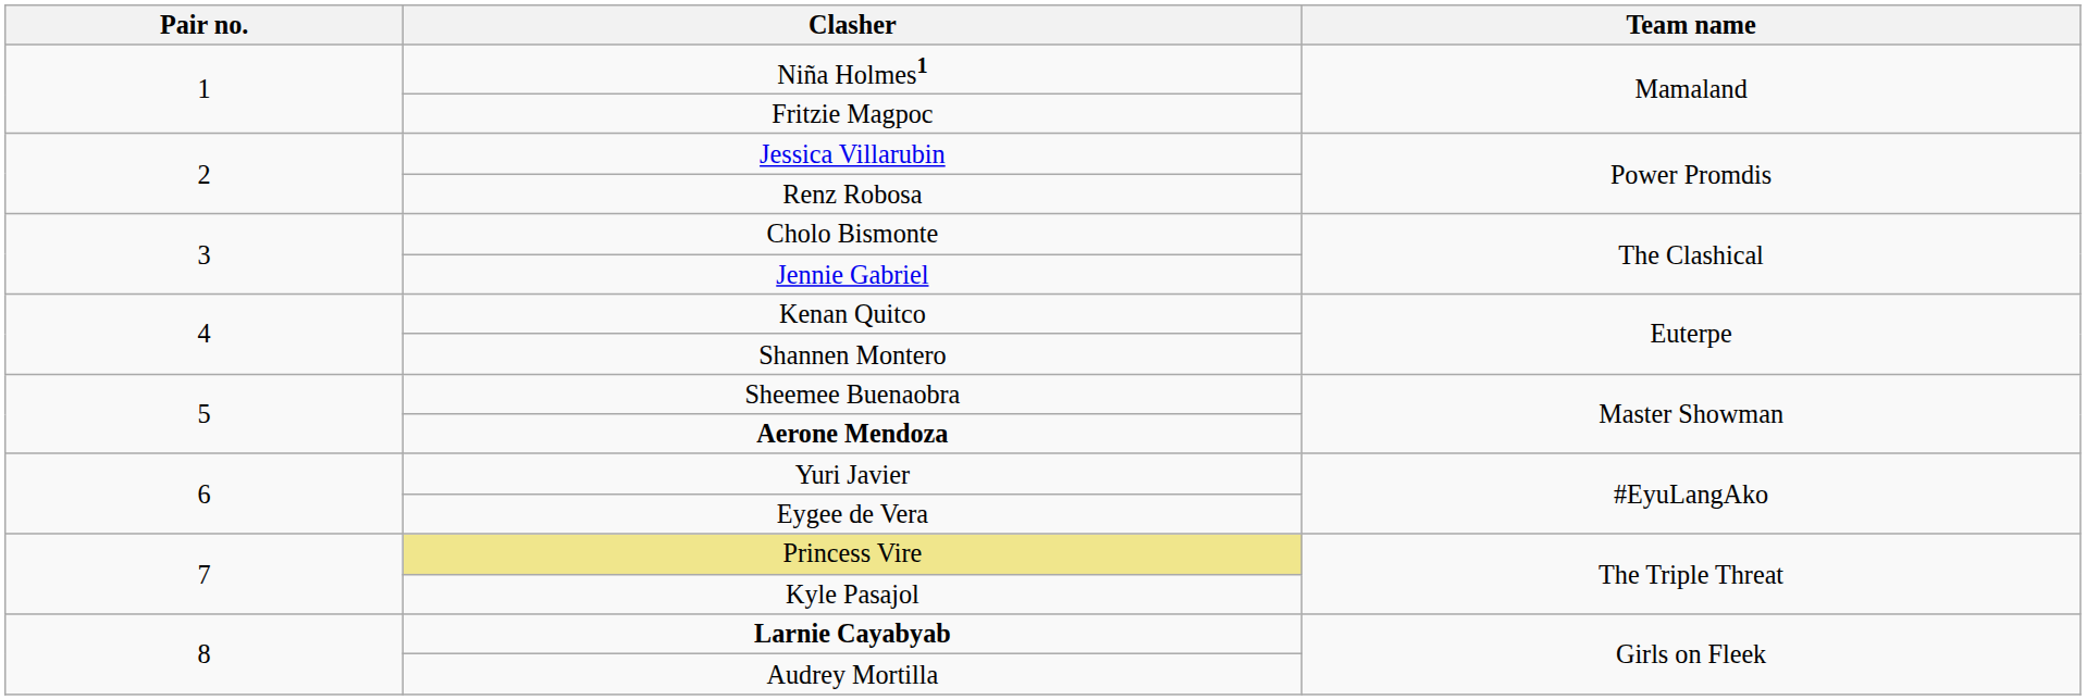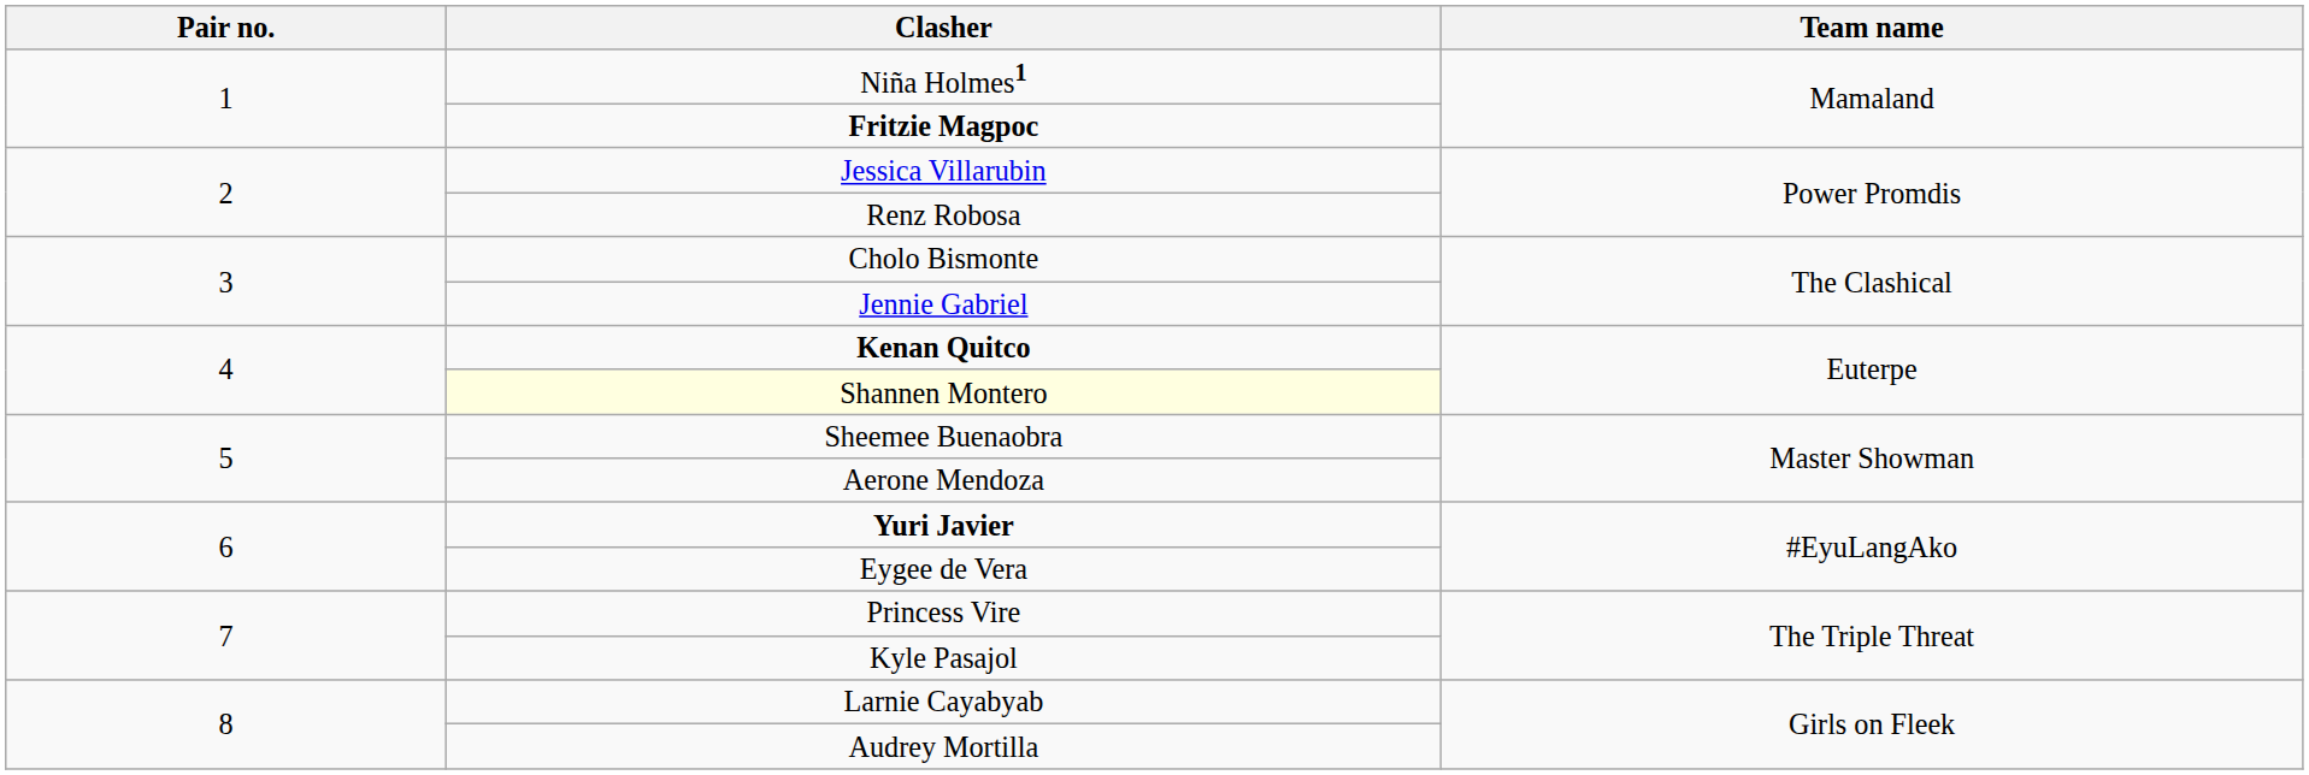 <table class="wikitable collapsible collapsed" style="text-align:center; line-height:17px; width:100%;">
 <tr>
 <th>Pair no.</th>
 <th>Clasher</th>
 <th>Team name</th>
 </tr>
 <tr>
 <td rowspan="2">1</td>
 <td>Niña Holmes<sup><strong>1</strong></sup></td>
 <td rowspan="2">Mamaland</td>
 </tr>
 <tr>
-<td>Fritzie Magpoc</td>
+<td><strong>Fritzie Magpoc</strong></td>
 </tr>
 <tr>
 <td rowspan="2">2</td>
 <td><a href='#'>Jessica Villarubin</a></td>
 <td rowspan="2">Power Promdis</td>
 </tr>
 <tr>
 <td>Renz Robosa</td>
 </tr>
 <tr>
 <td rowspan="2">3</td>
 <td>Cholo Bismonte</td>
 <td rowspan="2">The Clashical</td>
 </tr>
 <tr>
 <td><a href='#'>Jennie Gabriel</a></td>
 </tr>
 <tr>
 <td rowspan="2">4</td>
-<td>Kenan Quitco</td>
+<td><strong>Kenan Quitco</strong></td>
 <td rowspan="2">Euterpe</td>
 </tr>
 <tr>
-<td>Shannen Montero</td>
+<td style="background: lightyellow;">Shannen Montero</td>
 </tr>
 <tr>
 <td rowspan="2">5</td>
 <td>Sheemee Buenaobra</td>
 <td rowspan="2">Master Showman</td>
 </tr>
 <tr>
-<td><strong>Aerone Mendoza</strong></td>
+<td>Aerone Mendoza</td>
 </tr>
 <tr>
 <td rowspan="2">6</td>
-<td>Yuri Javier</td>
+<td><strong>Yuri Javier</strong></td>
 <td rowspan="2">#EyuLangAko</td>
 </tr>
 <tr>
 <td>Eygee de Vera</td>
 </tr>
 <tr>
 <td rowspan="2">7</td>
-<td style="background: khaki;">Princess Vire</td>
+<td>Princess Vire</td>
 <td rowspan="2">The Triple Threat</td>
 </tr>
 <tr>
 <td>Kyle Pasajol</td>
 </tr>
 <tr>
 <td rowspan="2">8</td>
-<td><strong>Larnie Cayabyab</strong></td>
+<td>Larnie Cayabyab</td>
 <td rowspan="2">Girls on Fleek</td>
 </tr>
 <tr>
 <td>Audrey Mortilla</td>
 </tr>
 </table>
